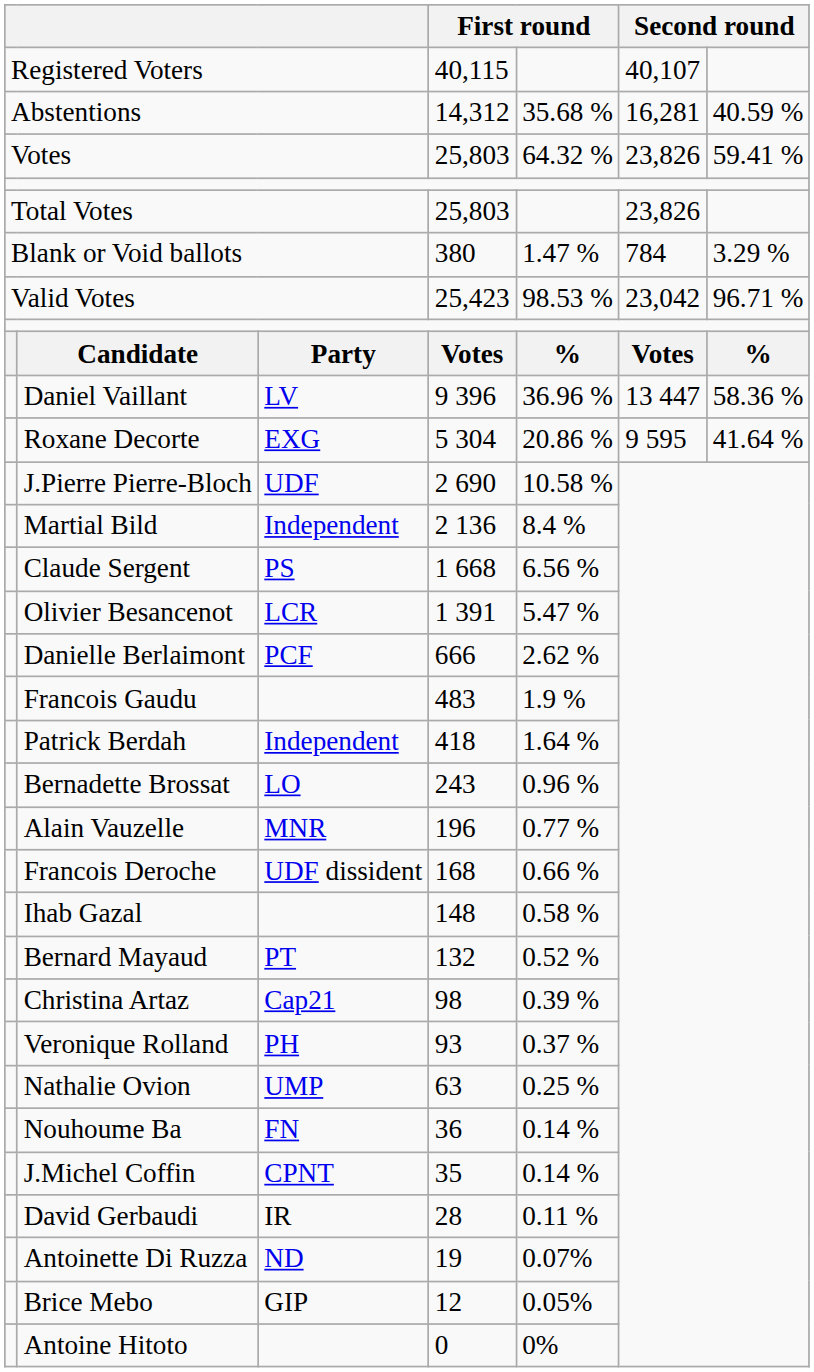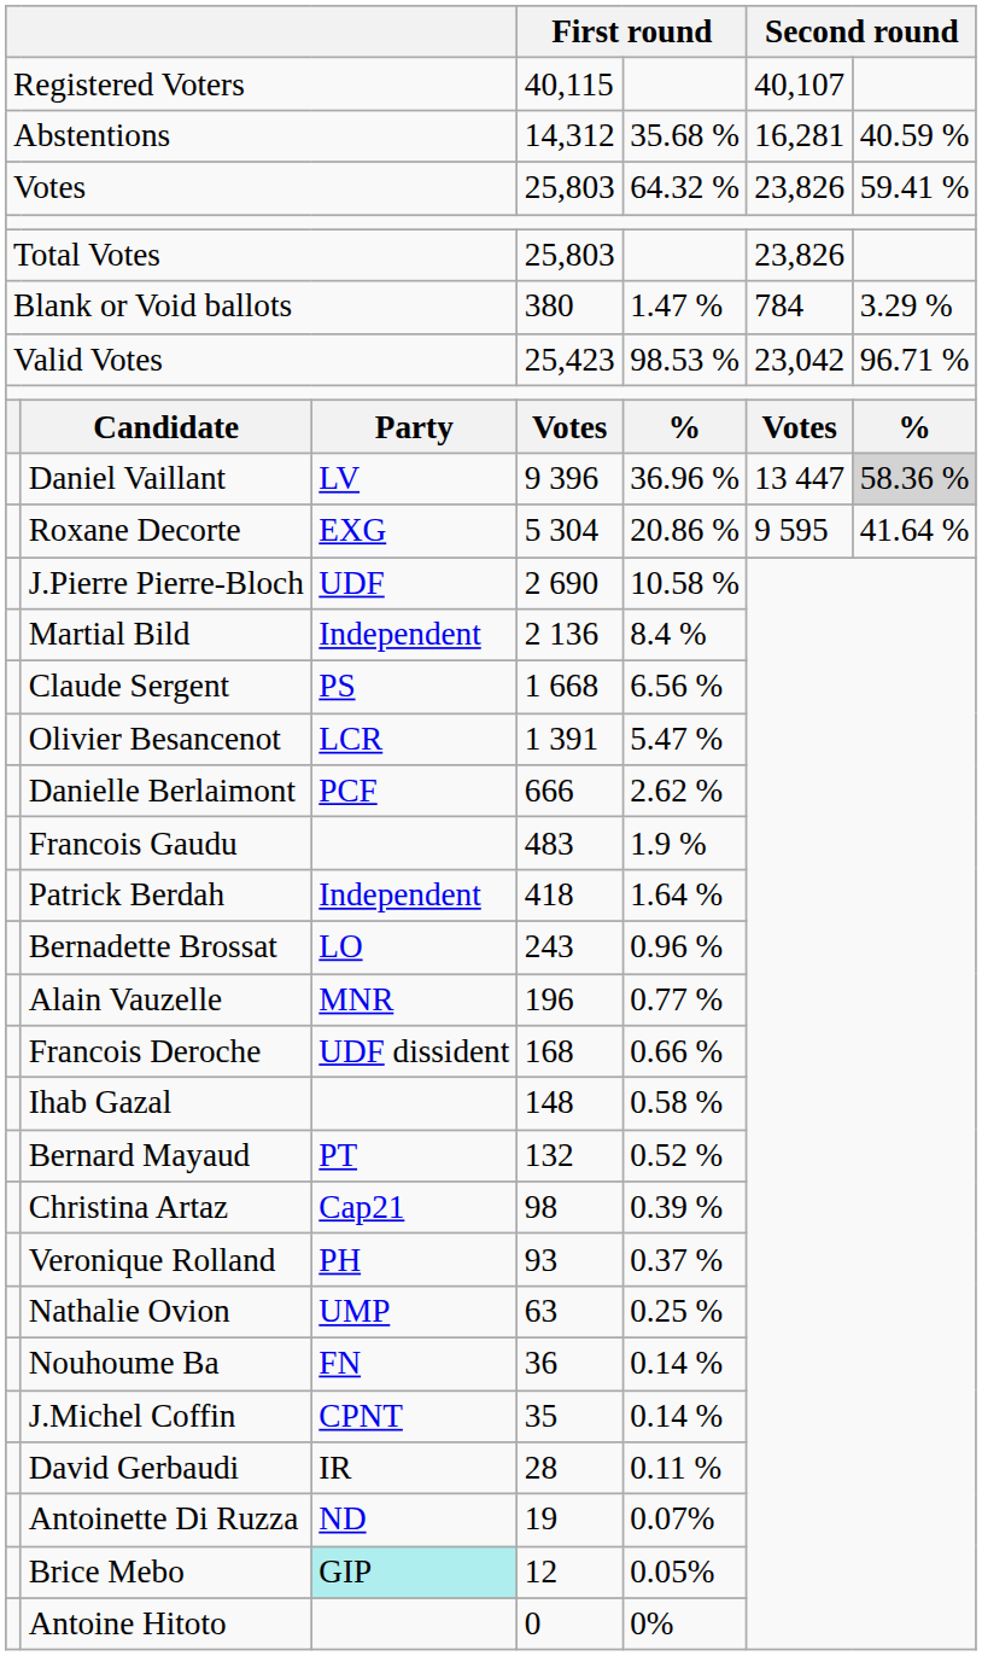 <table class="wikitable">
 <tr>
 <th colspan="3"></th>
 <th colspan="2">First round</th>
 <th colspan="2">Second round</th>
 </tr>
 <tr>
 <td colspan="3">Registered Voters</td>
 <td>40,115</td>
 <td></td>
 <td>40,107</td>
 <td></td>
 </tr>
 <tr>
 <td colspan="3">Abstentions</td>
 <td>14,312</td>
 <td>35.68 %</td>
 <td>16,281</td>
 <td>40.59 %</td>
 </tr>
 <tr>
 <td colspan="3">Votes</td>
 <td>25,803</td>
 <td>64.32 %</td>
 <td>23,826</td>
 <td>59.41 %</td>
 </tr>
 <tr>
 <td colspan="7"></td>
 </tr>
 <tr>
 <td colspan="3">Total Votes</td>
 <td>25,803</td>
 <td></td>
 <td>23,826</td>
 <td></td>
 </tr>
 <tr>
 <td colspan="3">Blank or Void ballots</td>
 <td>380</td>
 <td>1.47 %</td>
 <td>784</td>
 <td>3.29 %</td>
 </tr>
 <tr>
 <td colspan="3">Valid Votes</td>
 <td>25,423</td>
 <td>98.53 %</td>
 <td>23,042</td>
 <td>96.71 %</td>
 </tr>
 <tr>
 <td colspan="7"></td>
 </tr>
 <tr>
 <th></th>
 <th>Candidate</th>
 <th>Party</th>
 <th>Votes</th>
 <th>%</th>
 <th>Votes</th>
 <th>%</th>
 </tr>
 <tr>
 <td style="background-color: "></td>
 <td>Daniel Vaillant</td>
 <td><a href='#'>LV</a></td>
 <td>9 396</td>
 <td>36.96 %</td>
 <td>13 447</td>
-<td>58.36 %</td>
+<td style="background: lightgrey;">58.36 %</td>
 </tr>
 <tr>
 <td style="background-color: "></td>
 <td>Roxane Decorte</td>
 <td><a href='#'>EXG</a></td>
 <td>5 304</td>
 <td>20.86 %</td>
 <td>9 595</td>
 <td>41.64 %</td>
 </tr>
 <tr>
 <td style="background-color: "></td>
 <td>J.Pierre Pierre-Bloch</td>
 <td><a href='#'>UDF</a></td>
 <td>2 690</td>
 <td>10.58 %</td>
 </tr>
 <tr>
 <td style="background-color:"></td>
 <td>Martial Bild</td>
 <td><a href='#'>Independent</a></td>
 <td>2 136</td>
 <td>8.4 %</td>
 </tr>
 <tr>
 <td style="background-color:"></td>
 <td>Claude Sergent</td>
 <td><a href='#'>PS</a></td>
 <td>1 668</td>
 <td>6.56 %</td>
 </tr>
 <tr>
 <td style="background-color:"></td>
 <td>Olivier Besancenot</td>
 <td><a href='#'>LCR</a></td>
 <td>1 391</td>
 <td>5.47 %</td>
 </tr>
 <tr>
 <td style="background-color:"></td>
 <td>Danielle Berlaimont</td>
 <td><a href='#'>PCF</a></td>
 <td>666</td>
 <td>2.62 %</td>
 </tr>
 <tr>
 <td></td>
 <td>Francois Gaudu</td>
 <td></td>
 <td>483</td>
 <td>1.9 %</td>
 </tr>
 <tr>
 <td></td>
 <td>Patrick Berdah</td>
 <td><a href='#'>Independent</a></td>
 <td>418</td>
 <td>1.64 %</td>
 </tr>
 <tr>
 <td style="background-color:"></td>
 <td>Bernadette Brossat</td>
 <td><a href='#'>LO</a></td>
 <td>243</td>
 <td>0.96 %</td>
 </tr>
 <tr>
 <td style="background-color:"></td>
 <td>Alain Vauzelle</td>
 <td><a href='#'>MNR</a></td>
 <td>196</td>
 <td>0.77 %</td>
 </tr>
 <tr>
 <td></td>
 <td>Francois Deroche</td>
 <td><a href='#'>UDF</a> dissident</td>
 <td>168</td>
 <td>0.66 %</td>
 </tr>
 <tr>
 <td></td>
 <td>Ihab Gazal</td>
 <td></td>
 <td>148</td>
 <td>0.58 %</td>
 </tr>
 <tr>
 <td style="background-color:"></td>
 <td>Bernard Mayaud</td>
 <td><a href='#'>PT</a></td>
 <td>132</td>
 <td>0.52 %</td>
 </tr>
 <tr>
 <td style="background-color:"></td>
 <td>Christina Artaz</td>
 <td><a href='#'>Cap21</a></td>
 <td>98</td>
 <td>0.39 %</td>
 </tr>
 <tr>
 <td style="background-color:"></td>
 <td>Veronique Rolland</td>
 <td><a href='#'>PH</a></td>
 <td>93</td>
 <td>0.37 %</td>
 </tr>
 <tr>
 <td></td>
 <td>Nathalie Ovion</td>
 <td><a href='#'>UMP</a></td>
 <td>63</td>
 <td>0.25 %</td>
 </tr>
 <tr>
 <td></td>
 <td>Nouhoume Ba</td>
 <td><a href='#'>FN</a></td>
 <td>36</td>
 <td>0.14 %</td>
 </tr>
 <tr>
 <td style="background-color:"></td>
 <td>J.Michel Coffin</td>
 <td><a href='#'>CPNT</a></td>
 <td>35</td>
 <td>0.14 %</td>
 </tr>
 <tr>
 <td></td>
 <td>David Gerbaudi</td>
 <td>IR</td>
 <td>28</td>
 <td>0.11 %</td>
 </tr>
 <tr>
 <td style="background-color:"></td>
 <td>Antoinette Di Ruzza</td>
 <td><a href='#'>ND</a></td>
 <td>19</td>
 <td>0.07%</td>
 </tr>
 <tr>
 <td></td>
 <td>Brice Mebo</td>
-<td>GIP</td>
+<td style="background: paleturquoise;">GIP</td>
 <td>12</td>
 <td>0.05%</td>
 </tr>
 <tr>
 <td></td>
 <td>Antoine Hitoto</td>
 <td></td>
 <td>0</td>
 <td>0%</td>
 </tr>
 </table>
